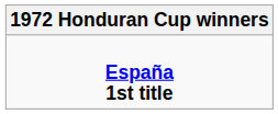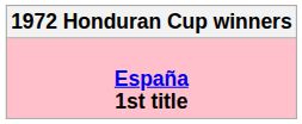 <table class="wikitable" style="text-align:center; margin:0 auto;">
 <tr>
 <th>1972 Honduran Cup winners</th>
 </tr>
 <tr>
-<td style="text-align:center;"><br><strong><a href='#'>España</a><br>1st title</strong></td>
+<td style="background: pink; text-align:center;"><br><strong><a href='#'>España</a><br>1st title</strong></td>
 </tr>
 </table>
